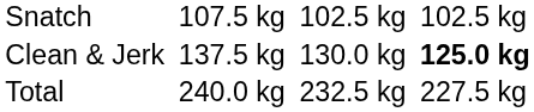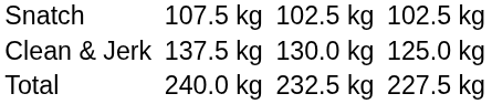 <table>
 <tr>
 <td>Snatch</td>
 <td></td>
 <td>107.5 kg</td>
 <td></td>
 <td>102.5 kg</td>
 <td></td>
 <td>102.5 kg</td>
 </tr>
 <tr>
 <td>Clean & Jerk</td>
 <td></td>
 <td>137.5 kg</td>
 <td></td>
 <td>130.0 kg</td>
 <td></td>
-<td><strong>125.0 kg</strong></td>
+<td>125.0 kg</td>
 </tr>
 <tr>
 <td>Total</td>
 <td></td>
 <td>240.0 kg</td>
 <td></td>
 <td>232.5 kg</td>
 <td></td>
 <td>227.5 kg</td>
 </tr>
 </table>
